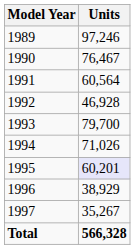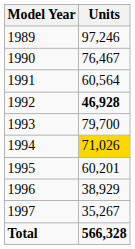 <table class="wikitable">
 <tr>
 <th>Model Year</th>
 <th>Units</th>
 </tr>
 <tr>
 <td>1989</td>
 <td>97,246</td>
 </tr>
 <tr>
 <td>1990</td>
 <td>76,467</td>
 </tr>
 <tr>
 <td>1991</td>
 <td>60,564</td>
 </tr>
 <tr>
 <td>1992</td>
-<td>46,928</td>
+<td><strong>46,928</strong></td>
 </tr>
 <tr>
 <td>1993</td>
 <td>79,700</td>
 </tr>
 <tr>
 <td>1994</td>
-<td>71,026</td>
+<td style="background: gold;">71,026</td>
 </tr>
 <tr>
 <td>1995</td>
-<td style="background: lavender;">60,201</td>
+<td>60,201</td>
 </tr>
 <tr>
 <td>1996</td>
 <td>38,929</td>
 </tr>
 <tr>
 <td>1997</td>
 <td>35,267</td>
 </tr>
 <tr>
 <td><strong>Total</strong></td>
 <td><strong>566,328</strong></td>
 </tr>
 </table>
